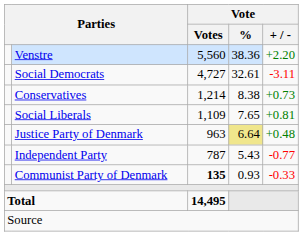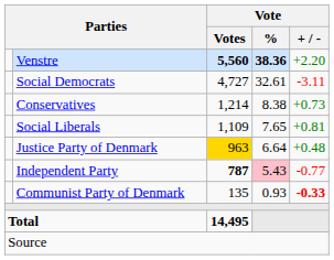 <table class="wikitable" style="text-align:right;">
 <tr>
 <th style="text-align:centre;" rowspan="2" colspan="2" width="225">Parties</th>
 <th colspan="3">Vote</th>
 </tr>
 <tr>
 <th width="15">Votes</th>
 <th width="15">%</th>
 <th width="15">+ / -</th>
 </tr>
 <tr>
 <td width="2" style="color:inherit;background:"></td>
 <td bgcolor=#cfe5fe  align="left"><a href='#'>Venstre</a></td>
-<td bgcolor=#cfe5fe>5,560</td>
-<td bgcolor=#cfe5fe>38.36</td>
+<td bgcolor=#cfe5fe><strong>5,560</strong></td>
+<td bgcolor=#cfe5fe><strong>38.36</strong></td>
 <td style=color:green;>+2.20</td>
 </tr>
 <tr>
 <td width="2" style="color:inherit;background:"></td>
 <td align="left"><a href='#'>Social Democrats</a></td>
 <td>4,727</td>
 <td>32.61</td>
 <td style=color:red;>-3.11</td>
 </tr>
 <tr>
 <td width="2" style="color:inherit;background:"></td>
 <td align="left"><a href='#'>Conservatives</a></td>
 <td>1,214</td>
 <td>8.38</td>
 <td style=color:green;>+0.73</td>
 </tr>
 <tr>
 <td width="2" style="color:inherit;background:"></td>
 <td align="left"><a href='#'>Social Liberals</a></td>
 <td>1,109</td>
 <td>7.65</td>
 <td style=color:green;>+0.81</td>
 </tr>
 <tr>
 <td width="2" style="color:inherit;background:"></td>
 <td align="left"><a href='#'>Justice Party of Denmark</a></td>
-<td>963</td>
-<td style="background: khaki;">6.64</td>
+<td style="background: gold;">963</td>
+<td>6.64</td>
 <td style=color:green;>+0.48</td>
 </tr>
 <tr>
 <td width="2" style="color:inherit;background:"></td>
 <td align="left"><a href='#'>Independent Party</a></td>
-<td>787</td>
-<td>5.43</td>
+<td><strong>787</strong></td>
+<td style="background: pink;">5.43</td>
 <td style=color:red;>-0.77</td>
 </tr>
 <tr>
 <td width="2" style="color:inherit;background:"></td>
 <td align="left"><a href='#'>Communist Party of Denmark</a></td>
-<td><strong>135</strong></td>
+<td>135</td>
 <td>0.93</td>
-<td style=color:red;>-0.33</td>
+<td style=color:red;><strong>-0.33</strong></td>
 </tr>
 <tr>
 <td colspan="7" bgcolor="#E9E9E9"></td>
 </tr>
 <tr>
 <td align="left" colspan="2"><strong>Total</strong></td>
 <td><strong>14,495</strong></td>
 <td bgcolor="#E9E9E9" colspan="2"></td>
 </tr>
 <tr>
 <td align="left" colspan="6">Source</td>
 </tr>
 </table>
